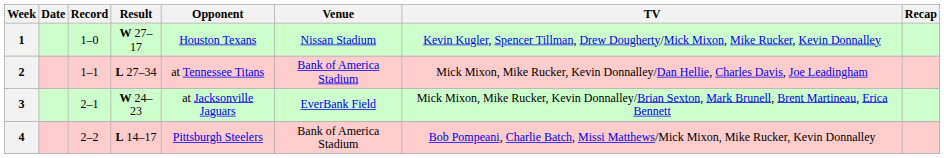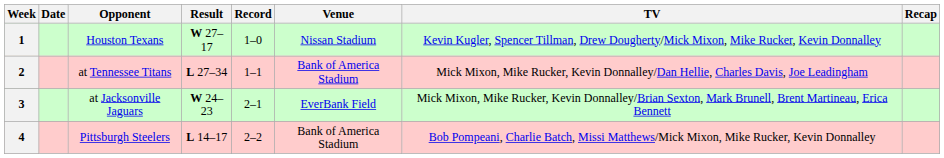 <table class="wikitable" style="text-align:center">
 <tr>
 <th>Week</th>
 <th>Date</th>
+<th>Opponent</th>
+<th>Result</th>
 <th>Record</th>
-<th>Result</th>
-<th>Opponent</th>
 <th>Venue</th>
 <th>TV</th>
 <th>Recap</th>
 </tr>
 <tr style="background:#cfc">
 <th>1</th>
 <td></td>
+<td><a href='#'>Houston Texans</a></td>
+<td><strong>W</strong> 27–17</td>
 <td>1–0</td>
-<td><strong>W</strong> 27–17</td>
-<td><a href='#'>Houston Texans</a></td>
 <td><a href='#'>Nissan Stadium</a></td>
 <td><a href='#'>Kevin Kugler</a>, <a href='#'>Spencer Tillman</a>, <a href='#'>Drew Dougherty</a>/<a href='#'>Mick Mixon</a>, <a href='#'>Mike Rucker</a>, <a href='#'>Kevin Donnalley</a></td>
 <td></td>
 </tr>
 <tr style="background:#fcc">
 <th>2</th>
 <td></td>
+<td>at <a href='#'>Tennessee Titans</a></td>
+<td><strong>L</strong> 27–34</td>
 <td>1–1</td>
-<td><strong>L</strong> 27–34</td>
-<td>at <a href='#'>Tennessee Titans</a></td>
 <td><a href='#'>Bank of America Stadium</a></td>
 <td>Mick Mixon, Mike Rucker, Kevin Donnalley/<a href='#'>Dan Hellie</a>, <a href='#'>Charles Davis</a>, <a href='#'>Joe Leadingham</a></td>
 <td><br></td>
 </tr>
 <tr style="background:#cfc">
 <th>3</th>
 <td></td>
+<td>at <a href='#'>Jacksonville Jaguars</a></td>
+<td><strong>W</strong> 24–23</td>
 <td>2–1</td>
-<td><strong>W</strong> 24–23</td>
-<td>at <a href='#'>Jacksonville Jaguars</a></td>
 <td><a href='#'>EverBank Field</a></td>
 <td>Mick Mixon, Mike Rucker, Kevin Donnalley/<a href='#'>Brian Sexton</a>, <a href='#'>Mark Brunell</a>, <a href='#'>Brent Martineau</a>, <a href='#'>Erica Bennett</a></td>
 <td></td>
 </tr>
 <tr style="background:#fcc">
 <th>4</th>
 <td></td>
+<td><a href='#'>Pittsburgh Steelers</a></td>
+<td><strong>L</strong> 14–17</td>
 <td>2–2</td>
-<td><strong>L</strong> 14–17</td>
-<td><a href='#'>Pittsburgh Steelers</a></td>
 <td>Bank of America Stadium</td>
 <td><a href='#'>Bob Pompeani</a>, <a href='#'>Charlie Batch</a>, <a href='#'>Missi Matthews</a>/Mick Mixon, Mike Rucker, Kevin Donnalley</td>
 <td></td>
 </tr>
 </table>
